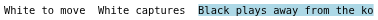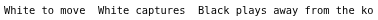 <table border="0" cellspacing="0" cellpadding="0">
 <tr valign="top">
 <td><br></td>
 <td>  </td>
 <td><br></td>
 <td>  </td>
 <td><br></td>
 </tr>
 <tr valign="top">
 <td>White to move</td>
 <td>  </td>
 <td>White captures</td>
 <td>  </td>
-<td style="background: lightblue;">Black plays away from the ko</td>
+<td>Black plays away from the ko</td>
 </tr>
 </table>
